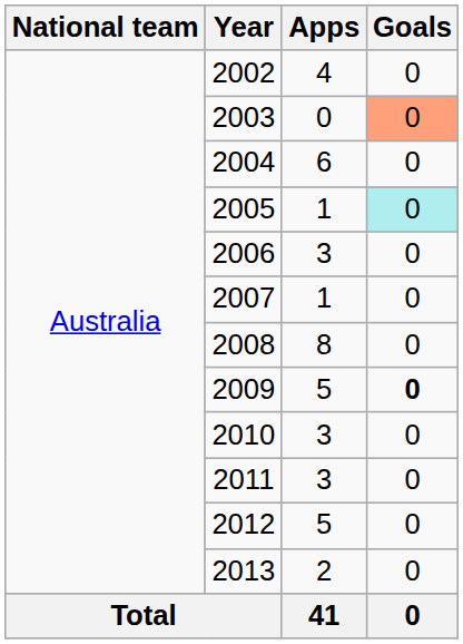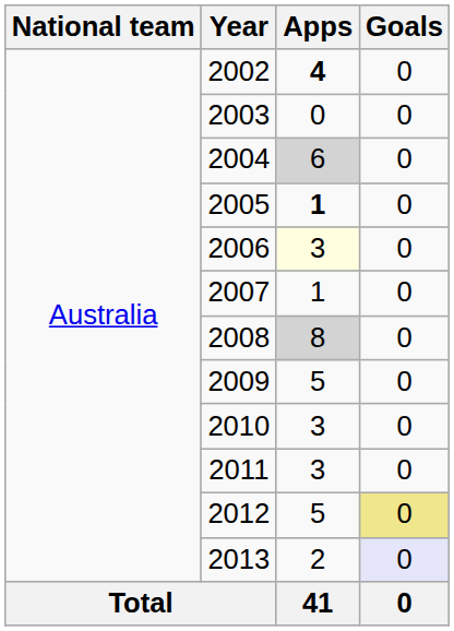 <table class="wikitable" style="text-align:center">
 <tr>
 <th>National team</th>
 <th>Year</th>
 <th>Apps</th>
 <th>Goals</th>
 </tr>
 <tr>
 <td rowspan="12"><a href='#'>Australia</a></td>
 <td>2002</td>
-<td>4</td>
+<td><strong>4</strong></td>
 <td>0</td>
 </tr>
 <tr>
 <td>2003</td>
 <td>0</td>
-<td style="background: lightsalmon;">0</td>
+<td>0</td>
 </tr>
 <tr>
 <td>2004</td>
-<td>6</td>
+<td style="background: lightgrey;">6</td>
 <td>0</td>
 </tr>
 <tr>
 <td>2005</td>
-<td>1</td>
-<td style="background: paleturquoise;">0</td>
+<td><strong>1</strong></td>
+<td>0</td>
 </tr>
 <tr>
 <td>2006</td>
-<td>3</td>
+<td style="background: lightyellow;">3</td>
 <td>0</td>
 </tr>
 <tr>
 <td>2007</td>
 <td>1</td>
 <td>0</td>
 </tr>
 <tr>
 <td>2008</td>
-<td>8</td>
+<td style="background: lightgrey;">8</td>
 <td>0</td>
 </tr>
 <tr>
 <td>2009</td>
 <td>5</td>
-<td><strong>0</strong></td>
+<td>0</td>
 </tr>
 <tr>
 <td>2010</td>
 <td>3</td>
 <td>0</td>
 </tr>
 <tr>
 <td>2011</td>
 <td>3</td>
 <td>0</td>
 </tr>
 <tr>
 <td>2012</td>
 <td>5</td>
-<td>0</td>
+<td style="background: khaki;">0</td>
 </tr>
 <tr>
 <td>2013</td>
 <td>2</td>
-<td>0</td>
+<td style="background: lavender;">0</td>
 </tr>
 <tr>
 <th colspan="2">Total</th>
 <th>41</th>
 <th>0</th>
 </tr>
 </table>
